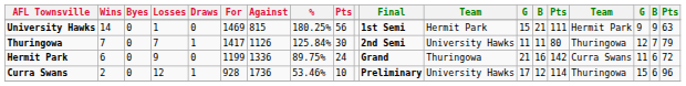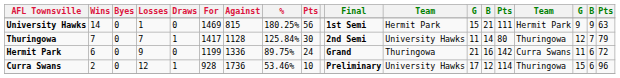 <table class="wikitable" style="font-size: 85%; text-align: left">
 <tr>
 <th style="color:crimson">AFL Townsville</th>
 <th style="color:crimson">Wins</th>
 <th style="color:crimson">Byes</th>
 <th style="color:crimson">Losses</th>
 <th style="color:crimson">Draws</th>
 <th style="color:crimson">For</th>
 <th style="color:crimson">Against</th>
 <th style="color:crimson">%</th>
 <th style="color:crimson">Pts</th>
 <th></th>
 <th style="color:green">Final</th>
 <th style="color:green">Team</th>
 <th style="color:green">G</th>
 <th style="color:green">B</th>
 <th style="color:green">Pts</th>
 <th style="color:green">Team</th>
 <th style="color:green">G</th>
 <th style="color:green">B</th>
 <th style="color:green">Pts</th>
 </tr>
 <tr>
 </tr>
 <tr>
 </tr>
 <tr>
 <td><strong>	University Hawks	</strong></td>
 <td>14</td>
 <td>0</td>
 <td>1</td>
 <td>0</td>
 <td>1469</td>
 <td>815</td>
 <td>180.25%</td>
 <td>56</td>
 <td></td>
 <td><strong>1st Semi</strong></td>
 <td>Hermit Park</td>
 <td>15</td>
 <td>21</td>
 <td>111</td>
 <td>Hermit Park</td>
 <td>9</td>
 <td>9</td>
 <td>63</td>
 </tr>
 <tr>
 <td><strong>	Thuringowa	</strong></td>
 <td>7</td>
 <td>0</td>
 <td>7</td>
 <td>1</td>
 <td>1417</td>
-<td>1126</td>
+<td>1128</td>
 <td>125.84%</td>
 <td>30</td>
 <td></td>
 <td><strong>2nd Semi</strong></td>
 <td>University Hawks</td>
 <td>11</td>
-<td>11</td>
+<td>14</td>
 <td>80</td>
 <td>Thuringowa</td>
 <td>12</td>
 <td>7</td>
 <td>79</td>
 </tr>
 <tr>
 <td><strong>	Hermit Park	</strong></td>
 <td>6</td>
 <td>0</td>
 <td>9</td>
 <td>0</td>
 <td>1199</td>
 <td>1336</td>
 <td>89.75%</td>
 <td>24</td>
 <td></td>
 <td><strong>Grand</strong></td>
 <td>Thuringowa</td>
 <td>21</td>
 <td>16</td>
 <td>142</td>
 <td>Curra Swans</td>
 <td>11</td>
 <td>6</td>
 <td>72</td>
 </tr>
 <tr>
 <td><strong>	Curra Swans	</strong></td>
 <td>2</td>
 <td>0</td>
 <td>12</td>
 <td>1</td>
 <td>928</td>
 <td>1736</td>
 <td>53.46%</td>
 <td>10</td>
 <td></td>
 <td><strong>Preliminary</strong></td>
 <td>University Hawks</td>
 <td>17</td>
 <td>12</td>
 <td>114</td>
 <td>Thuringowa</td>
 <td>15</td>
 <td>6</td>
 <td>96</td>
 </tr>
 <tr>
 </tr>
 </table>
